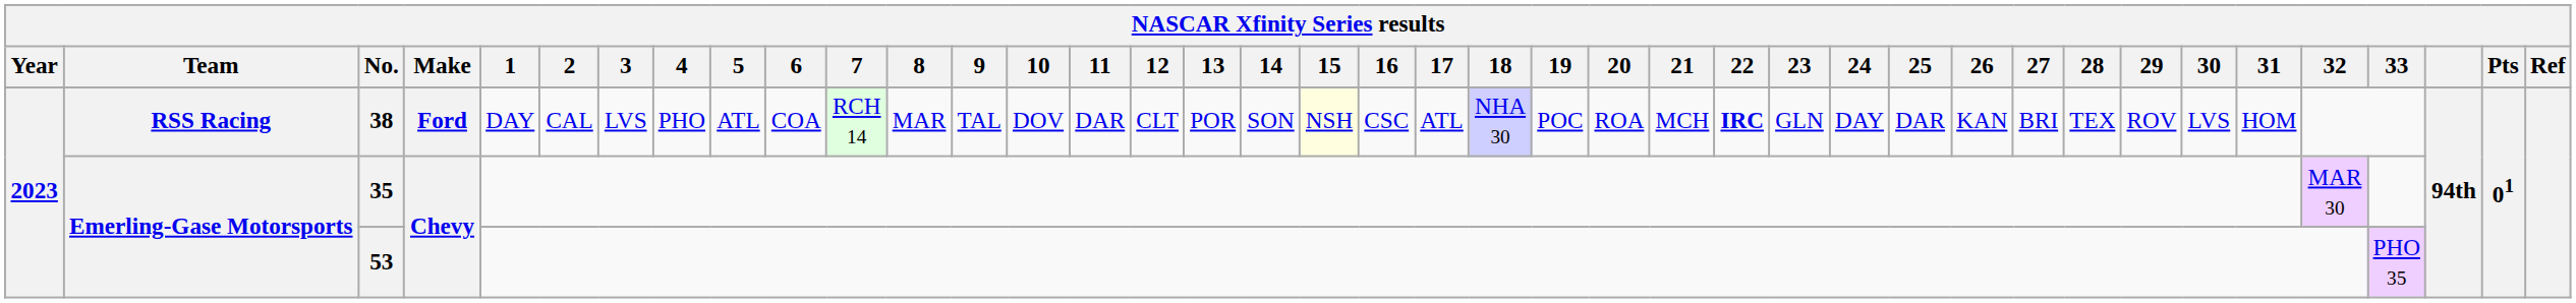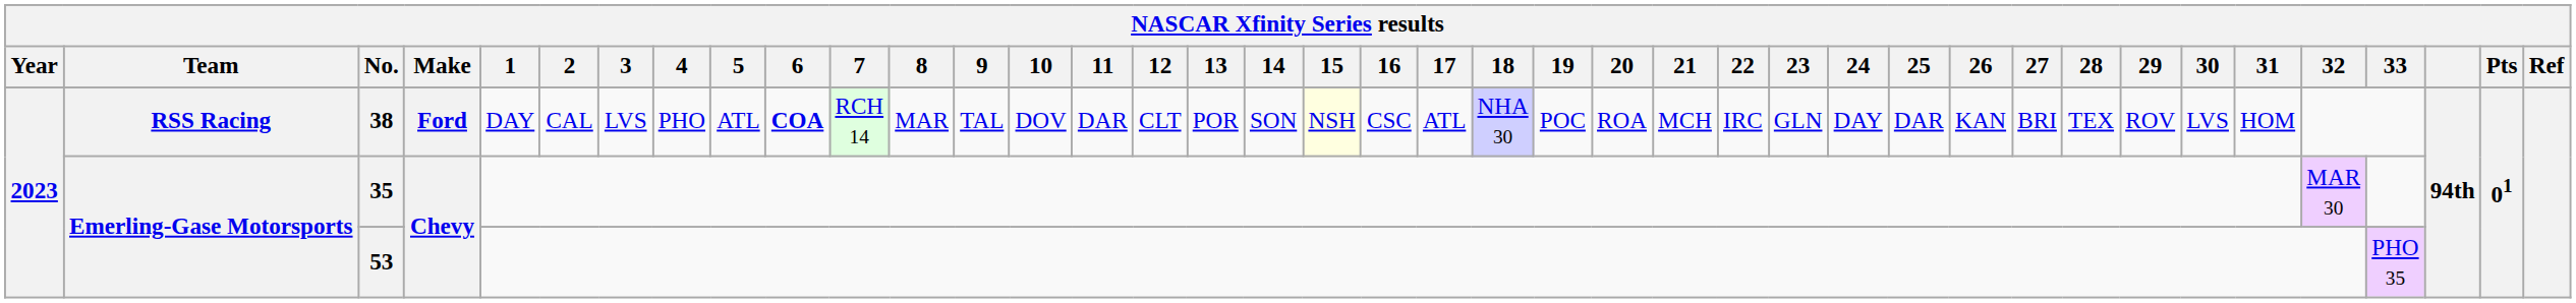 <table class="wikitable" style="text-align:center; font-size:75%">
 <tr>
 <th colspan=40><a href='#'>NASCAR Xfinity Series</a> results</th>
 </tr>
 <tr>
 <th>Year</th>
 <th>Team</th>
 <th>No.</th>
 <th>Make</th>
 <th>1</th>
 <th>2</th>
 <th>3</th>
 <th>4</th>
 <th>5</th>
 <th>6</th>
 <th>7</th>
 <th>8</th>
 <th>9</th>
 <th>10</th>
 <th>11</th>
 <th>12</th>
 <th>13</th>
 <th>14</th>
 <th>15</th>
 <th>16</th>
 <th>17</th>
 <th>18</th>
 <th>19</th>
 <th>20</th>
 <th>21</th>
 <th>22</th>
 <th>23</th>
 <th>24</th>
 <th>25</th>
 <th>26</th>
 <th>27</th>
 <th>28</th>
 <th>29</th>
 <th>30</th>
 <th>31</th>
 <th>32</th>
 <th>33</th>
 <th></th>
 <th>Pts</th>
 <th>Ref</th>
 </tr>
 <tr>
 <th rowspan=3><a href='#'>2023</a></th>
 <th><a href='#'>RSS Racing</a></th>
 <th>38</th>
 <th><a href='#'>Ford</a></th>
 <td><a href='#'>DAY</a></td>
 <td><a href='#'>CAL</a></td>
 <td><a href='#'>LVS</a></td>
 <td><a href='#'>PHO</a></td>
 <td><a href='#'>ATL</a></td>
-<td><a href='#'>COA</a></td>
+<td><strong><a href='#'>COA</a></strong></td>
 <td style="background:#DFFFDF;"><a href='#'>RCH</a><br><small>14</small></td>
 <td><a href='#'>MAR</a></td>
 <td><a href='#'>TAL</a></td>
 <td><a href='#'>DOV</a></td>
 <td><a href='#'>DAR</a></td>
 <td><a href='#'>CLT</a></td>
 <td><a href='#'>POR</a></td>
 <td><a href='#'>SON</a></td>
 <td style="background: lightyellow;"><a href='#'>NSH</a></td>
 <td><a href='#'>CSC</a></td>
 <td><a href='#'>ATL</a></td>
 <td style="background:#CFCFFF;"><a href='#'>NHA</a><br><small>30</small></td>
 <td><a href='#'>POC</a></td>
 <td><a href='#'>ROA</a></td>
 <td><a href='#'>MCH</a></td>
-<td><strong><a href='#'>IRC</a></strong></td>
+<td><a href='#'>IRC</a></td>
 <td><a href='#'>GLN</a></td>
 <td><a href='#'>DAY</a></td>
 <td><a href='#'>DAR</a></td>
 <td><a href='#'>KAN</a></td>
 <td><a href='#'>BRI</a></td>
 <td><a href='#'>TEX</a></td>
 <td><a href='#'>ROV</a></td>
 <td><a href='#'>LVS</a></td>
 <td><a href='#'>HOM</a></td>
 <td colspan=2></td>
 <th rowspan=3>94th</th>
 <th rowspan=3>0<sup>1</sup></th>
 <th rowspan=3></th>
 </tr>
 <tr>
 <th rowspan=2><a href='#'>Emerling-Gase Motorsports</a></th>
 <th>35</th>
 <th rowspan=2><a href='#'>Chevy</a></th>
 <td colspan=31></td>
 <td style="background:#EFCFFF;"><a href='#'>MAR</a><br><small>30</small></td>
 <td></td>
 </tr>
 <tr>
 <th>53</th>
 <td colspan=32></td>
 <td style="background:#EFCFFF;"><a href='#'>PHO</a><br><small>35</small></td>
 </tr>
 </table>
